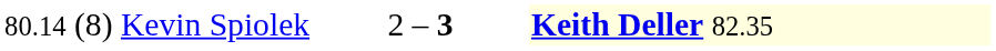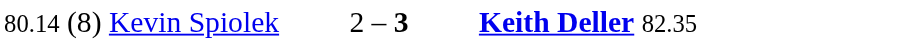 <table style="text-align:center">
 <tr>
 <th width=223></th>
 <th width=100></th>
 <th width=223></th>
 </tr>
 <tr>
 <td align=right><small>80.14</small> (8) <a href='#'>Kevin Spiolek</a> </td>
 <td>2 – <strong>3</strong></td>
-<td align=left style="background: lightyellow;"> <strong><a href='#'>Keith Deller</a></strong> <small>82.35</small></td>
+<td align=left> <strong><a href='#'>Keith Deller</a></strong> <small>82.35</small></td>
 </tr>
 </table>
